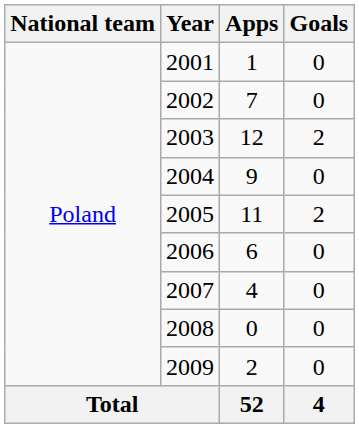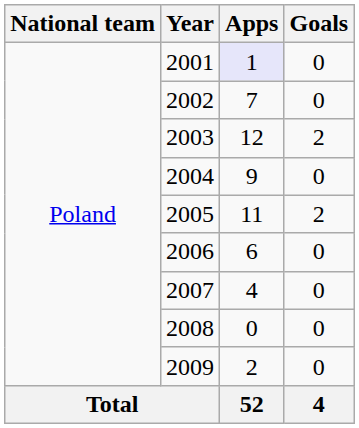 <table class="wikitable" style="text-align:center">
 <tr>
 <th>National team</th>
 <th>Year</th>
 <th>Apps</th>
 <th>Goals</th>
 </tr>
 <tr>
 <td rowspan="9"><a href='#'>Poland</a></td>
 <td>2001</td>
-<td>1</td>
+<td style="background: lavender;">1</td>
 <td>0</td>
 </tr>
 <tr>
 <td>2002</td>
 <td>7</td>
 <td>0</td>
 </tr>
 <tr>
 <td>2003</td>
 <td>12</td>
 <td>2</td>
 </tr>
 <tr>
 <td>2004</td>
 <td>9</td>
 <td>0</td>
 </tr>
 <tr>
 <td>2005</td>
 <td>11</td>
 <td>2</td>
 </tr>
 <tr>
 <td>2006</td>
 <td>6</td>
 <td>0</td>
 </tr>
 <tr>
 <td>2007</td>
 <td>4</td>
 <td>0</td>
 </tr>
 <tr>
 <td>2008</td>
 <td>0</td>
 <td>0</td>
 </tr>
 <tr>
 <td>2009</td>
 <td>2</td>
 <td>0</td>
 </tr>
 <tr>
 <th colspan="2">Total</th>
 <th>52</th>
 <th>4</th>
 </tr>
 </table>
